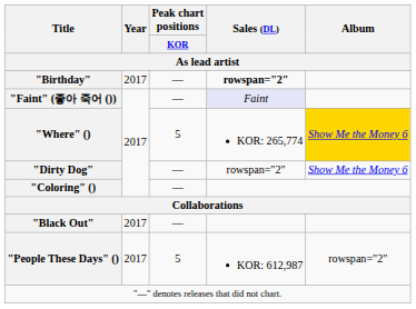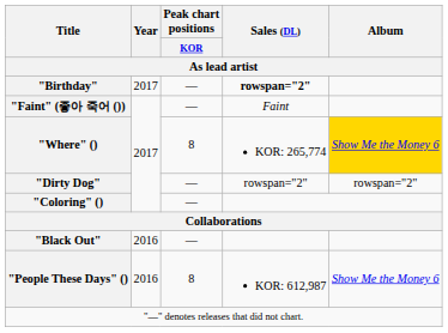 <table class="wikitable plainrowheaders" style="text-align:center;">
 <tr>
 <th scope="col" rowspan="2">Title</th>
 <th scope="col" rowspan="2">Year</th>
 <th scope="col" colspan="1">Peak chart <br> positions</th>
 <th scope="col" rowspan="2">Sales <small>(<a href='#'>DL</a>)</small></th>
 <th scope="col" rowspan="2">Album</th>
 </tr>
 <tr>
 <th><small><a href='#'>KOR</a></small><br></th>
 </tr>
 <tr>
 <th scope="col" colspan="5">As lead artist</th>
 </tr>
 <tr>
 <th scope="row">"Birthday"<br></th>
 <td>2017</td>
 <td>—</td>
 <td><strong>rowspan="2" </strong></td>
 <td></td>
 </tr>
 <tr>
 <th scope="row">"Faint" (좋아 죽어 ())</th>
 <td rowspan="4">2017</td>
 <td>—</td>
-<td style="background: lavender;"><em>Faint</em></td>
+<td><em>Faint</em></td>
 </tr>
 <tr>
 <th scope="row">"Where" ()<br></th>
-<td>5</td>
+<td>8</td>
 <td><br><ul><li>KOR: 265,774</li></ul></td>
 <td style="background: gold;"><em><a href='#'>Show Me the Money 6</a></em></td>
 </tr>
 <tr>
 <th scope="row">"Dirty Dog"</th>
 <td>—</td>
 <td>rowspan="2" </td>
-<td><em><a href='#'>Show Me the Money 6</a></em></td>
+<td>rowspan="2" </td>
 </tr>
 <tr>
 <th scope="row">"Coloring" ()<br></th>
 <td>—</td>
 </tr>
 <tr>
 <th scope="col" colspan="5">Collaborations</th>
 </tr>
 <tr>
 <th scope="row">"Black Out"<br></th>
-<td>2017</td>
+<td>2016</td>
 <td>—</td>
 <td></td>
 <td></td>
 </tr>
 <tr>
 <th scope="row">"People These Days" ()<br></th>
-<td>2017</td>
-<td>5</td>
+<td>2016</td>
+<td>8</td>
 <td><br><ul><li>KOR: 612,987</li></ul></td>
-<td>rowspan="2" </td>
+<td><em><a href='#'>Show Me the Money 6</a></em></td>
 </tr>
 <tr>
 <td colspan="5" align="center"><small>"—" denotes releases that did not chart.</small></td>
 </tr>
 </table>
